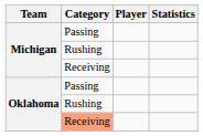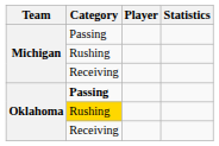 <table class="wikitable" style="float:right">
 <tr>
 <th>Team</th>
 <th>Category</th>
 <th>Player</th>
 <th>Statistics</th>
 </tr>
 <tr>
 <th rowspan=3>Michigan</th>
 <td>Passing</td>
 <td></td>
 <td></td>
 </tr>
 <tr>
 <td>Rushing</td>
 <td></td>
 <td></td>
 </tr>
 <tr>
 <td>Receiving</td>
 <td></td>
 <td></td>
 </tr>
 <tr>
 <th rowspan=3>Oklahoma</th>
-<td>Passing</td>
+<td><strong>Passing</strong></td>
 <td></td>
 <td></td>
 </tr>
 <tr>
-<td>Rushing</td>
+<td style="background: gold;">Rushing</td>
 <td></td>
 <td></td>
 </tr>
 <tr>
-<td style="background: lightsalmon;">Receiving</td>
+<td>Receiving</td>
 <td></td>
 <td></td>
 </tr>
 </table>
